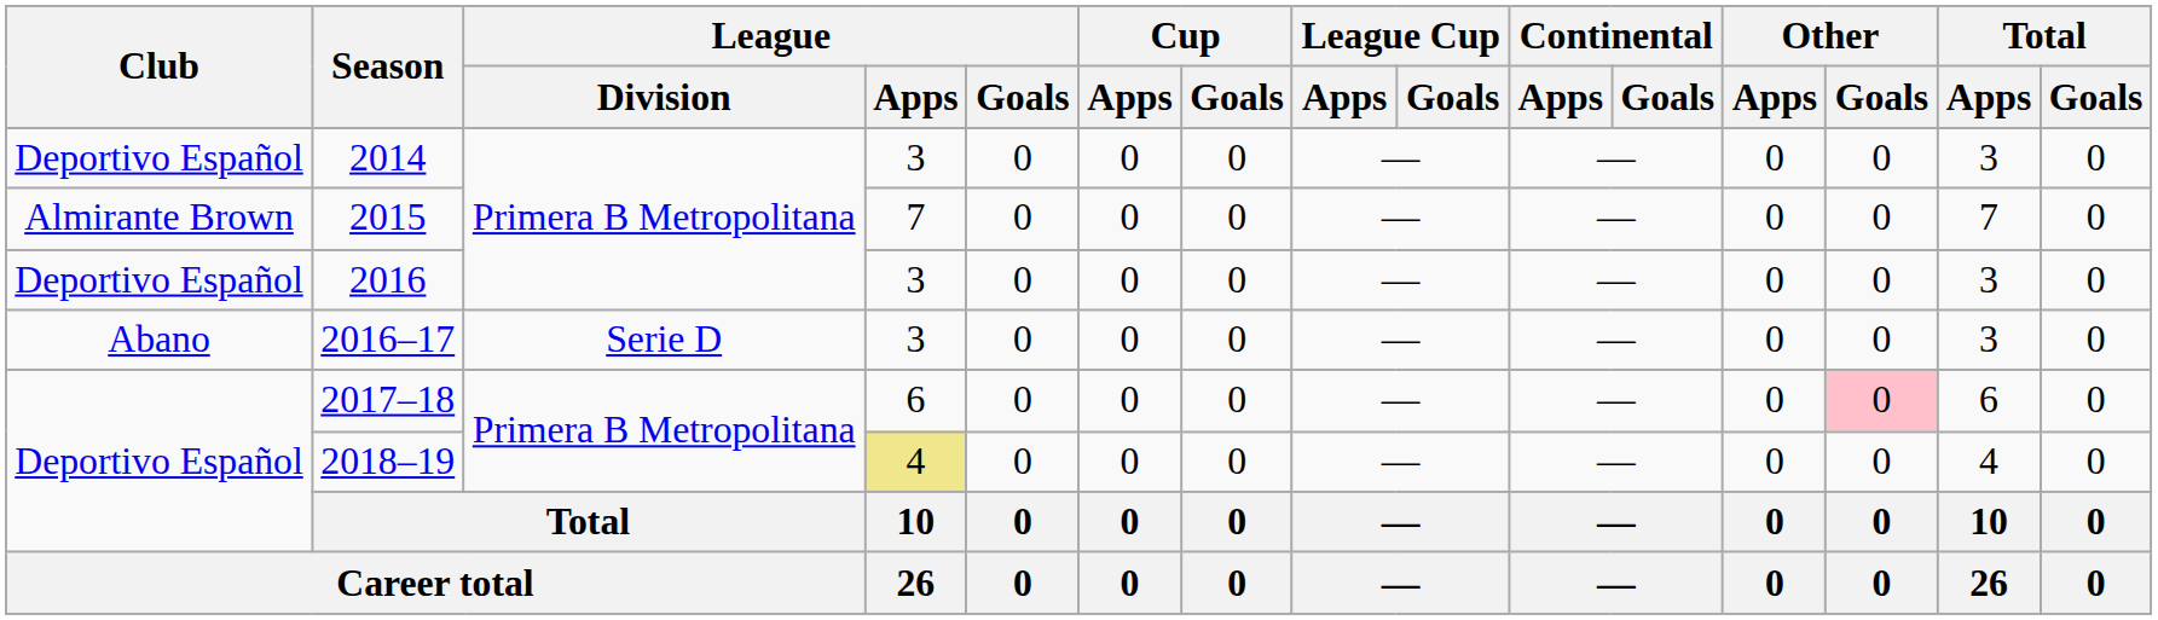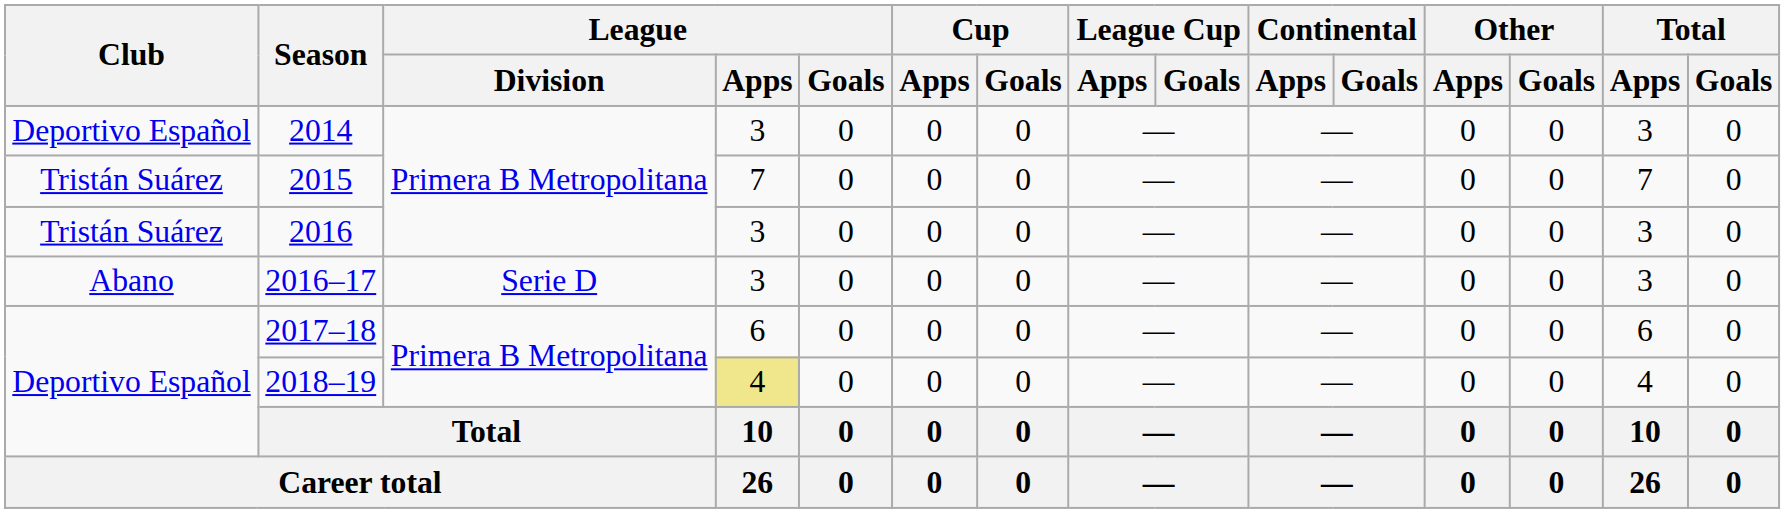 <table class="wikitable" style="text-align:center">
 <tr>
 <th rowspan="2">Club</th>
 <th rowspan="2">Season</th>
 <th colspan="3">League</th>
 <th colspan="2">Cup</th>
 <th colspan="2">League Cup</th>
 <th colspan="2">Continental</th>
 <th colspan="2">Other</th>
 <th colspan="2">Total</th>
 </tr>
 <tr>
 <th>Division</th>
 <th>Apps</th>
 <th>Goals</th>
 <th>Apps</th>
 <th>Goals</th>
 <th>Apps</th>
 <th>Goals</th>
 <th>Apps</th>
 <th>Goals</th>
 <th>Apps</th>
 <th>Goals</th>
 <th>Apps</th>
 <th>Goals</th>
 </tr>
 <tr>
 <td rowspan="1"><a href='#'>Deportivo Español</a></td>
 <td><a href='#'>2014</a></td>
 <td rowspan="3"><a href='#'>Primera B Metropolitana</a></td>
 <td>3</td>
 <td>0</td>
 <td>0</td>
 <td>0</td>
 <td colspan="2">—</td>
 <td colspan="2">—</td>
 <td>0</td>
 <td>0</td>
 <td>3</td>
 <td>0</td>
 </tr>
 <tr>
-<td rowspan="1"><a href='#'>Almirante Brown</a></td>
+<td rowspan="1"><a href='#'>Tristán Suárez</a></td>
 <td><a href='#'>2015</a></td>
 <td>7</td>
 <td>0</td>
 <td>0</td>
 <td>0</td>
 <td colspan="2">—</td>
 <td colspan="2">—</td>
 <td>0</td>
 <td>0</td>
 <td>7</td>
 <td>0</td>
 </tr>
 <tr>
-<td rowspan="1"><a href='#'>Deportivo Español</a></td>
+<td rowspan="1"><a href='#'>Tristán Suárez</a></td>
 <td><a href='#'>2016</a></td>
 <td>3</td>
 <td>0</td>
 <td>0</td>
 <td>0</td>
 <td colspan="2">—</td>
 <td colspan="2">—</td>
 <td>0</td>
 <td>0</td>
 <td>3</td>
 <td>0</td>
 </tr>
 <tr>
 <td rowspan="1"><a href='#'>Abano</a></td>
 <td><a href='#'>2016–17</a></td>
 <td rowspan="1"><a href='#'>Serie D</a></td>
 <td>3</td>
 <td>0</td>
 <td>0</td>
 <td>0</td>
 <td colspan="2">—</td>
 <td colspan="2">—</td>
 <td>0</td>
 <td>0</td>
 <td>3</td>
 <td>0</td>
 </tr>
 <tr>
 <td rowspan="3"><a href='#'>Deportivo Español</a></td>
 <td><a href='#'>2017–18</a></td>
 <td rowspan="2"><a href='#'>Primera B Metropolitana</a></td>
 <td>6</td>
 <td>0</td>
 <td>0</td>
 <td>0</td>
 <td colspan="2">—</td>
 <td colspan="2">—</td>
 <td>0</td>
-<td style="background: pink;">0</td>
+<td>0</td>
 <td>6</td>
 <td>0</td>
 </tr>
 <tr>
 <td><a href='#'>2018–19</a></td>
 <td style="background: khaki;">4</td>
 <td>0</td>
 <td>0</td>
 <td>0</td>
 <td colspan="2">—</td>
 <td colspan="2">—</td>
 <td>0</td>
 <td>0</td>
 <td>4</td>
 <td>0</td>
 </tr>
 <tr>
 <th colspan="2">Total</th>
 <th>10</th>
 <th>0</th>
 <th>0</th>
 <th>0</th>
 <th colspan="2">—</th>
 <th colspan="2">—</th>
 <th>0</th>
 <th>0</th>
 <th>10</th>
 <th>0</th>
 </tr>
 <tr>
 <th colspan="3">Career total</th>
 <th>26</th>
 <th>0</th>
 <th>0</th>
 <th>0</th>
 <th colspan="2">—</th>
 <th colspan="2">—</th>
 <th>0</th>
 <th>0</th>
 <th>26</th>
 <th>0</th>
 </tr>
 </table>
